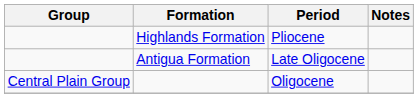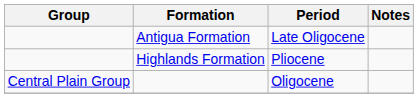 <table class="wikitable sortable">
 <tr>
 <th>Group</th>
 <th>Formation</th>
 <th>Period</th>
 <th class="unsortable">Notes</th>
 </tr>
 <tr>
 <td></td>
-<td><a href='#'>Highlands Formation</a></td>
-<td style="background-color: "><a href='#'>Pliocene</a></td>
+<td><a href='#'>Antigua Formation</a></td>
+<td style="background-color: "><a href='#'>Late Oligocene</a></td>
 <td align=center></td>
 </tr>
 <tr>
 <td></td>
-<td><a href='#'>Antigua Formation</a></td>
-<td style="background-color: "><a href='#'>Late Oligocene</a></td>
+<td><a href='#'>Highlands Formation</a></td>
+<td style="background-color: "><a href='#'>Pliocene</a></td>
 <td align=center></td>
 </tr>
 <tr>
 <td><a href='#'>Central Plain Group</a></td>
 <td></td>
 <td style="background-color: "><a href='#'>Oligocene</a></td>
 <td align=center></td>
 </tr>
 <tr>
 </tr>
 </table>
